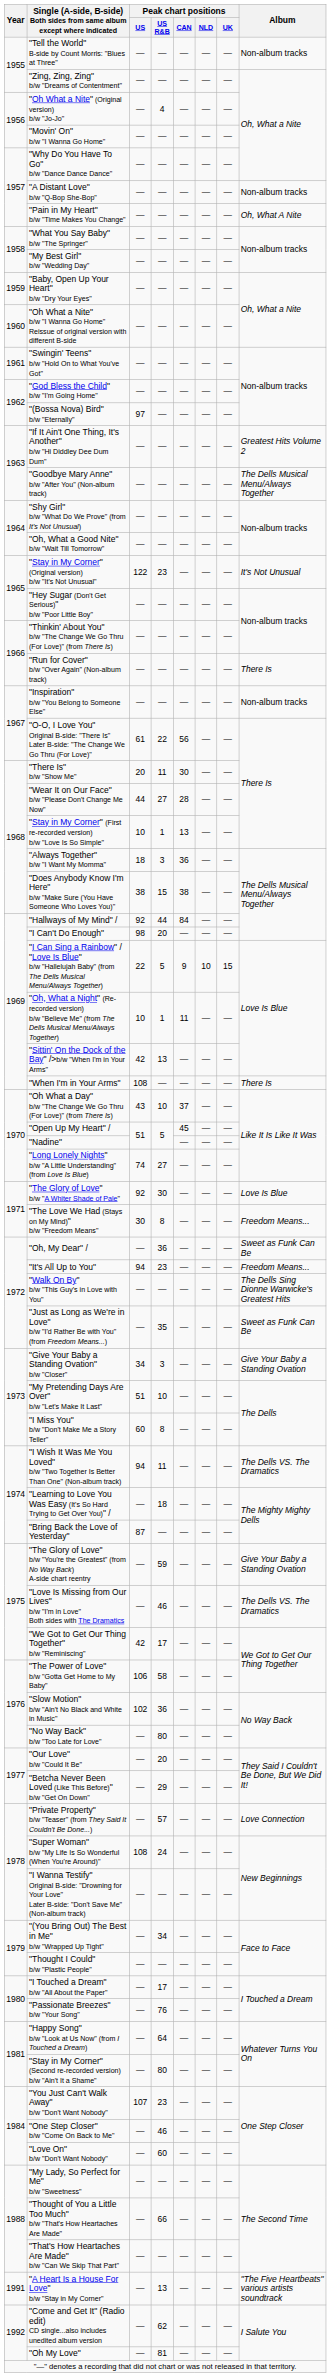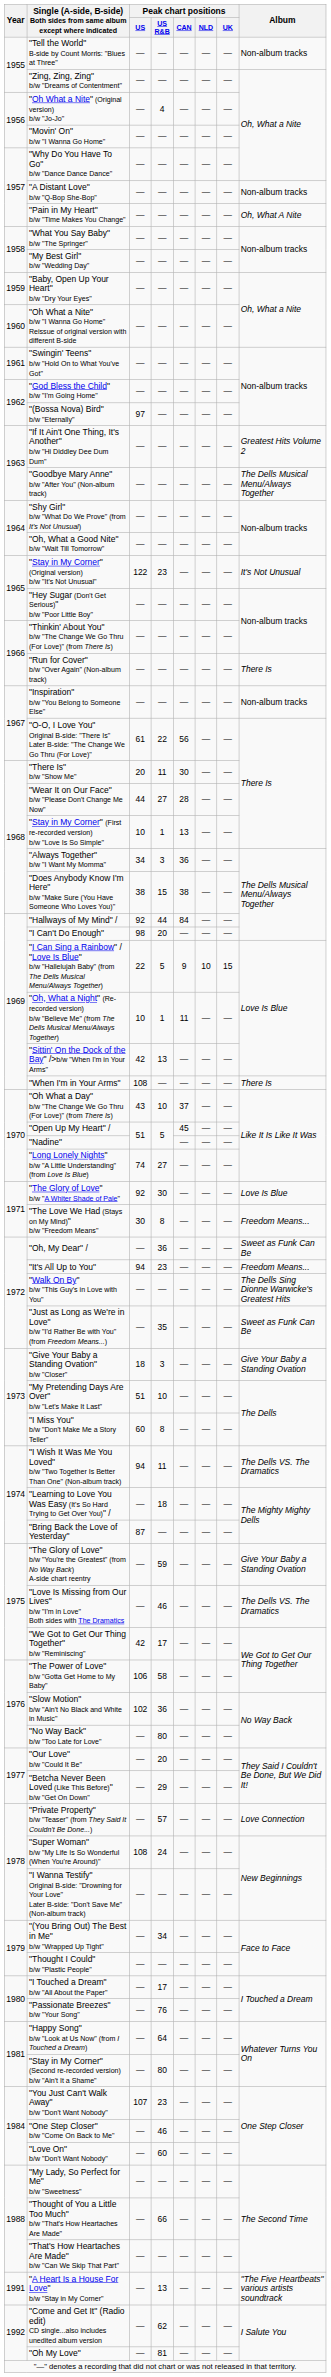 <table class="wikitable" style="text-align:center;">
 <tr>
 <th rowspan="2">Year</th>
 <th rowspan="2">Single (A-side, B-side)<br><small>Both sides from same album except where indicated</small></th>
 <th colspan="5">Peak chart positions</th>
 <th rowspan="2">Album</th>
 </tr>
 <tr style="font-size:smaller;">
 <th width="35"><a href='#'>US</a><br></th>
 <th width="35"><a href='#'>US<br>R&B</a><br></th>
 <th width="35"><a href='#'>CAN</a><br></th>
 <th width="35"><a href='#'>NLD</a><br></th>
 <th width="35"><a href='#'>UK</a><br></th>
 </tr>
 <tr>
 <td rowspan="2">1955</td>
 <td align="left">"Tell the World"<br><small>B-side by Count Morris: "Blues at Three"</small></td>
 <td>—</td>
 <td>—</td>
 <td>—</td>
 <td>—</td>
 <td>—</td>
 <td align="left">Non-album tracks</td>
 </tr>
 <tr>
 <td align="left">"Zing, Zing, Zing"<br><small>b/w "Dreams of Contentment"</small></td>
 <td>—</td>
 <td>—</td>
 <td>—</td>
 <td>—</td>
 <td>—</td>
 <td align="left" rowspan="4"><em>Oh, What a Nite</em></td>
 </tr>
 <tr>
 <td rowspan="2">1956</td>
 <td align="left">"<a href='#'>Oh What a Nite</a>"<small> (Original version)</small><br><small>b/w "Jo-Jo"</small></td>
 <td>—</td>
 <td>4</td>
 <td>—</td>
 <td>—</td>
 <td>—</td>
 </tr>
 <tr>
 <td align="left">"Movin' On"<br><small>b/w "I Wanna Go Home"</small></td>
 <td>—</td>
 <td>—</td>
 <td>—</td>
 <td>—</td>
 <td>—</td>
 </tr>
 <tr>
 <td rowspan="3">1957</td>
 <td align="left">"Why Do You Have To Go"<br><small>b/w "Dance Dance Dance"</small></td>
 <td>—</td>
 <td>—</td>
 <td>—</td>
 <td>—</td>
 <td>—</td>
 </tr>
 <tr>
 <td align="left">"A Distant Love"<br><small>b/w "Q-Bop She-Bop"</small></td>
 <td>—</td>
 <td>—</td>
 <td>—</td>
 <td>—</td>
 <td>—</td>
 <td align="left">Non-album tracks</td>
 </tr>
 <tr>
 <td align="left">"Pain in My Heart"<br><small>b/w "Time Makes You Change"</small></td>
 <td>—</td>
 <td>—</td>
 <td>—</td>
 <td>—</td>
 <td>—</td>
 <td align="left"><em>Oh, What A Nite</em></td>
 </tr>
 <tr>
 <td rowspan="2">1958</td>
 <td align="left">"What You Say Baby"<br><small>b/w "The Springer"</small></td>
 <td>—</td>
 <td>—</td>
 <td>—</td>
 <td>—</td>
 <td>—</td>
 <td align="left" rowspan="2">Non-album tracks</td>
 </tr>
 <tr>
 <td align="left">"My Best Girl"<br><small>b/w "Wedding Day"</small></td>
 <td>—</td>
 <td>—</td>
 <td>—</td>
 <td>—</td>
 <td>—</td>
 </tr>
 <tr>
 <td rowspan="1">1959</td>
 <td align="left">"Baby, Open Up Your Heart"<br><small>b/w "Dry Your Eyes" </small></td>
 <td>—</td>
 <td>—</td>
 <td>—</td>
 <td>—</td>
 <td>—</td>
 <td align="left" rowspan="2"><em>Oh, What a Nite</em></td>
 </tr>
 <tr>
 <td rowspan="1">1960</td>
 <td align="left">"Oh What a Nite"<br><small>b/w "I Wanna Go Home"<br>Reissue of original version with different B-side </small></td>
 <td>—</td>
 <td>—</td>
 <td>—</td>
 <td>—</td>
 <td>—</td>
 </tr>
 <tr>
 <td rowspan="1">1961</td>
 <td align="left">"Swingin' Teens"<br><small>b/w "Hold On to What You've Got"</small></td>
 <td>—</td>
 <td>—</td>
 <td>—</td>
 <td>—</td>
 <td>—</td>
 <td align="left" rowspan="3">Non-album tracks</td>
 </tr>
 <tr>
 <td rowspan="2">1962</td>
 <td align="left">"<a href='#'>God Bless the Child</a>"<br><small>b/w "I'm Going Home"</small></td>
 <td>—</td>
 <td>—</td>
 <td>—</td>
 <td>—</td>
 <td>—</td>
 </tr>
 <tr>
 <td align="left">"(Bossa Nova) Bird"<br><small>b/w "Eternally"</small></td>
 <td>97</td>
 <td>—</td>
 <td>—</td>
 <td>—</td>
 <td>—</td>
 </tr>
 <tr>
 <td rowspan="2">1963</td>
 <td align="left">"If It Ain't One Thing, It's Another"<br><small>b/w "Hi Diddley Dee Dum Dum"</small></td>
 <td>—</td>
 <td>—</td>
 <td>—</td>
 <td>—</td>
 <td>—</td>
 <td align="left"><em>Greatest Hits Volume 2</em></td>
 </tr>
 <tr>
 <td align="left">"Goodbye Mary Anne"<br><small>b/w "After You" (Non-album track)</small></td>
 <td>—</td>
 <td>—</td>
 <td>—</td>
 <td>—</td>
 <td>—</td>
 <td align="left"><em>The Dells Musical Menu/Always Together</em></td>
 </tr>
 <tr>
 <td rowspan="2">1964</td>
 <td align="left">"Shy Girl"<br><small>b/w "What Do We Prove" (from <em>It's Not Unusual</em>)</small></td>
 <td>—</td>
 <td>—</td>
 <td>—</td>
 <td>—</td>
 <td>—</td>
 <td align="left" rowspan="2">Non-album tracks</td>
 </tr>
 <tr>
 <td align="left">"Oh, What a Good Nite"<br><small>b/w "Wait Till Tomorrow"</small></td>
 <td>—</td>
 <td>—</td>
 <td>—</td>
 <td>—</td>
 <td>—</td>
 </tr>
 <tr>
 <td rowspan="2">1965</td>
 <td align="left">"<a href='#'>Stay in My Corner</a>"<small> (Original version)</small><br><small>b/w "It's Not Unusual"</small></td>
 <td>122</td>
 <td>23</td>
 <td>—</td>
 <td>—</td>
 <td>—</td>
 <td align="left"><em>It's Not Unusual</em></td>
 </tr>
 <tr>
 <td align="left">"Hey Sugar<small> (Don't Get Serious)</small>"<br><small>b/w "Poor Little Boy"</small></td>
 <td>—</td>
 <td>—</td>
 <td>—</td>
 <td>—</td>
 <td>—</td>
 <td align="left" rowspan="2">Non-album tracks</td>
 </tr>
 <tr>
 <td rowspan="2">1966</td>
 <td align="left">"Thinkin' About You"<br><small>b/w "The Change We Go Thru (For Love)" (from <em>There Is</em>)</small></td>
 <td>—</td>
 <td>—</td>
 <td>—</td>
 <td>—</td>
 <td>—</td>
 </tr>
 <tr>
 <td align="left">"Run for Cover"<br><small>b/w "Over Again" (Non-album track)</small></td>
 <td>—</td>
 <td>—</td>
 <td>—</td>
 <td>—</td>
 <td>—</td>
 <td align="left"><em>There Is</em></td>
 </tr>
 <tr>
 <td rowspan="2">1967</td>
 <td align="left">"Inspiration"<br><small>b/w "You Belong to Someone Else"</small></td>
 <td>—</td>
 <td>—</td>
 <td>—</td>
 <td>—</td>
 <td>—</td>
 <td align="left">Non-album tracks</td>
 </tr>
 <tr>
 <td align="left">"O-O, I Love You"<br><small>Original B-side: "There Is"<br>Later B-side: "The Change We Go Thru (For Love)"</small></td>
 <td>61</td>
 <td>22</td>
 <td>56</td>
 <td>—</td>
 <td>—</td>
 <td align="left" rowspan="4"><em>There Is</em></td>
 </tr>
 <tr>
 <td rowspan="5">1968</td>
 <td align="left">"There Is"<br><small>b/w "Show Me"</small></td>
 <td>20</td>
 <td>11</td>
 <td>30</td>
 <td>—</td>
 <td>—</td>
 </tr>
 <tr>
 <td align="left">"Wear It on Our Face"<br><small>b/w "Please Don't Change Me Now"</small></td>
 <td>44</td>
 <td>27</td>
 <td>28</td>
 <td>—</td>
 <td>—</td>
 </tr>
 <tr>
 <td align="left">"<a href='#'>Stay in My Corner</a>" <small>(First re-recorded version)</small><br><small>b/w "Love Is So Simple"</small></td>
 <td>10</td>
 <td>1</td>
 <td>13</td>
 <td>—</td>
 <td>—</td>
 </tr>
 <tr>
 <td align="left">"Always Together"<br><small>b/w "I Want My Momma"</small></td>
-<td>18</td>
+<td>34</td>
 <td>3</td>
 <td>36</td>
 <td>—</td>
 <td>—</td>
 <td align="left" rowspan="4"><em>The Dells Musical Menu/Always Together</em></td>
 </tr>
 <tr>
 <td align="left">"Does Anybody Know I'm Here"<br><small>b/w "Make Sure (You Have Someone Who Loves You)"</small></td>
 <td>38</td>
 <td>15</td>
 <td>38</td>
 <td>—</td>
 <td>—</td>
 </tr>
 <tr>
 <td rowspan="6">1969</td>
 <td align="left">"Hallways of My Mind" /</td>
 <td>92</td>
 <td>44</td>
 <td>84</td>
 <td>—</td>
 <td>—</td>
 </tr>
 <tr>
 <td align="left">"I Can't Do Enough"</td>
 <td>98</td>
 <td>20</td>
 <td>—</td>
 <td>—</td>
 <td>—</td>
 </tr>
 <tr>
 <td align="left">"<a href='#'>I Can Sing a Rainbow</a>" / "<a href='#'>Love Is Blue</a>"<br><small>b/w "Hallelujah Baby" (from <em>The Dells Musical Menu/Always Together</em>)</small></td>
 <td>22</td>
 <td>5</td>
 <td>9</td>
 <td>10</td>
 <td>15</td>
 <td align="left" rowspan="3"><em>Love Is Blue</em></td>
 </tr>
 <tr>
 <td align="left">"<a href='#'>Oh, What a Night</a>" <small>(Re-recorded version)</small><br><small>b/w "Believe Me" (from <em>The Dells Musical Menu/Always Together</em>)</small></td>
 <td>10</td>
 <td>1</td>
 <td>11</td>
 <td>—</td>
 <td>—</td>
 </tr>
 <tr>
 <td align="left">"<a href='#'>Sittin' On the Dock of the Bay</a>" /><small>b/w "When I'm in Your Arms"</small></td>
 <td>42</td>
 <td>13</td>
 <td>—</td>
 <td>—</td>
 <td>—</td>
 </tr>
 <tr>
 <td align="left">"When I'm in Your Arms"</td>
 <td>108</td>
 <td>—</td>
 <td>—</td>
 <td>—</td>
 <td>—</td>
 <td align="left"><em>There Is</em></td>
 </tr>
 <tr>
 <td rowspan="4">1970</td>
 <td align="left">"Oh What a Day"<br><small>b/w "The Change We Go Thru (For Love)" (from <em>There Is</em>)</small></td>
 <td>43</td>
 <td>10</td>
 <td>37</td>
 <td>—</td>
 <td>—</td>
 <td align="left" rowspan="4 "><em>Like It Is Like It Was</em></td>
 </tr>
 <tr>
 <td align="left">"Open Up My Heart" /</td>
 <td rowspan="2">51</td>
 <td rowspan="2">5</td>
 <td>45</td>
 <td>—</td>
 <td>—</td>
 </tr>
 <tr>
 <td align="left">"Nadine"</td>
 <td>—</td>
 <td>—</td>
 <td>—</td>
 </tr>
 <tr>
 <td align="left">"<a href='#'>Long Lonely Nights</a>"<br><small>b/w "A Little Understanding" (from <em>Love Is Blue</em>)</small></td>
 <td>74</td>
 <td>27</td>
 <td>—</td>
 <td>—</td>
 <td>—</td>
 </tr>
 <tr>
 <td rowspan="2">1971</td>
 <td align="left">"<a href='#'>The Glory of Love</a>"<br><small>b/w "<a href='#'>A Whiter Shade of Pale</a>"</small></td>
 <td>92</td>
 <td>30</td>
 <td>—</td>
 <td>—</td>
 <td>—</td>
 <td align="left"><em>Love Is Blue</em></td>
 </tr>
 <tr>
 <td align="left">"The Love We Had<small> (Stays on My Mind)</small>"<br><small>b/w "Freedom Means"</small></td>
 <td>30</td>
 <td>8</td>
 <td>—</td>
 <td>—</td>
 <td>—</td>
 <td align="left"><em>Freedom Means...</em></td>
 </tr>
 <tr>
 <td rowspan="4">1972</td>
 <td align="left">"Oh, My Dear" /</td>
 <td>—</td>
 <td>36</td>
 <td>—</td>
 <td>—</td>
 <td>—</td>
 <td align="left"><em>Sweet as Funk Can Be</em></td>
 </tr>
 <tr>
 <td align="left">"It's All Up to You"</td>
 <td>94</td>
 <td>23</td>
 <td>—</td>
 <td>—</td>
 <td>—</td>
 <td align="left"><em>Freedom Means...</em></td>
 </tr>
 <tr>
 <td align="left">"<a href='#'>Walk On By</a>"<br><small>b/w "This Guy's in Love with You"</small></td>
 <td>—</td>
 <td>—</td>
 <td>—</td>
 <td>—</td>
 <td>—</td>
 <td align="left"><em>The Dells Sing Dionne Warwicke's Greatest Hits</em></td>
 </tr>
 <tr>
 <td align="left">"Just as Long as We're in Love"<br><small>b/w "I'd Rather Be with You" (from <em>Freedom Means...</em>)</small></td>
 <td>—</td>
 <td>35</td>
 <td>—</td>
 <td>—</td>
 <td>—</td>
 <td align="left"><em>Sweet as Funk Can Be</em></td>
 </tr>
 <tr>
 <td rowspan="3">1973</td>
 <td align="left">"Give Your Baby a Standing Ovation"<br><small>b/w "Closer"</small></td>
-<td>34</td>
+<td>18</td>
 <td>3</td>
 <td>—</td>
 <td>—</td>
 <td>—</td>
 <td align="left"><em>Give Your Baby a Standing Ovation</em></td>
 </tr>
 <tr>
 <td align="left">"My Pretending Days Are Over"<br><small>b/w "Let's Make It Last"</small></td>
 <td>51</td>
 <td>10</td>
 <td>—</td>
 <td>—</td>
 <td>—</td>
 <td align="left" rowspan="2"><em>The Dells</em></td>
 </tr>
 <tr>
 <td align="left">"I Miss You"<br><small>b/w "Don't Make Me a Story Teller"</small></td>
 <td>60</td>
 <td>8</td>
 <td>—</td>
 <td>—</td>
 <td>—</td>
 </tr>
 <tr>
 <td rowspan="3">1974</td>
 <td align="left">"I Wish It Was Me You Loved"<br><small>b/w "Two Together Is Better Than One" (Non-album track)</small></td>
 <td>94</td>
 <td>11</td>
 <td>—</td>
 <td>—</td>
 <td>—</td>
 <td align="left"><em>The Dells VS. The Dramatics</em></td>
 </tr>
 <tr>
 <td align="left">"Learning to Love You Was Easy<small> (It's So Hard Trying to Get Over You)</small>" /</td>
 <td>—</td>
 <td>18</td>
 <td>—</td>
 <td>—</td>
 <td>—</td>
 <td align="left" rowspan="2"><em>The Mighty Mighty Dells</em></td>
 </tr>
 <tr>
 <td align="left">"Bring Back the Love of Yesterday"</td>
 <td>87</td>
 <td>—</td>
 <td>—</td>
 <td>—</td>
 <td>—</td>
 </tr>
 <tr>
 <td rowspan="3">1975</td>
 <td align="left">"The Glory of Love"<br><small>b/w "You're the Greatest" (from <em>No Way Back</em>)<br>A-side chart reentry</small></td>
 <td>—</td>
 <td>59</td>
 <td>—</td>
 <td>—</td>
 <td>—</td>
 <td align="left"><em>Give Your Baby a Standing Ovation</em></td>
 </tr>
 <tr>
 <td align="left">"Love Is Missing from Our Lives"<br><small>b/w "I'm in Love"<br>Both sides with <a href='#'>The Dramatics</a></small></td>
 <td>—</td>
 <td>46</td>
 <td>—</td>
 <td>—</td>
 <td>—</td>
 <td align="left"><em>The Dells VS. The Dramatics</em></td>
 </tr>
 <tr>
 <td align="left">"We Got to Get Our Thing Together"<br><small>b/w "Reminiscing"</small></td>
 <td>42</td>
 <td>17</td>
 <td>—</td>
 <td>—</td>
 <td>—</td>
 <td align="left" rowspan="2"><em>We Got to Get Our Thing Together</em></td>
 </tr>
 <tr>
 <td rowspan="3">1976</td>
 <td align="left">"The Power of Love"<br><small>b/w "Gotta Get Home to My Baby"</small></td>
 <td>106</td>
 <td>58</td>
 <td>—</td>
 <td>—</td>
 <td>—</td>
 </tr>
 <tr>
 <td align="left">"Slow Motion"<br><small>b/w "Ain't No Black and White in Music"</small></td>
 <td>102</td>
 <td>36</td>
 <td>—</td>
 <td>—</td>
 <td>—</td>
 <td align="left" rowspan="2"><em>No Way Back</em></td>
 </tr>
 <tr>
 <td align="left">"No Way Back"<br><small>b/w "Too Late for Love"</small></td>
 <td>—</td>
 <td>80</td>
 <td>—</td>
 <td>—</td>
 <td>—</td>
 </tr>
 <tr>
 <td rowspan="2">1977</td>
 <td align="left">"Our Love"<br><small>b/w "Could It Be"</small></td>
 <td>—</td>
 <td>20</td>
 <td>—</td>
 <td>—</td>
 <td>—</td>
 <td align="left" rowspan="2"><em>They Said I Couldn't Be Done, But We Did It!</em></td>
 </tr>
 <tr>
 <td align="left">"Betcha Never Been Loved<small> (Like This Before)</small>"<br><small>b/w "Get On Down"</small></td>
 <td>—</td>
 <td>29</td>
 <td>—</td>
 <td>—</td>
 <td>—</td>
 </tr>
 <tr>
 <td rowspan="3">1978</td>
 <td align="left">"Private Property"<br><small>b/w "Teaser" (from <em>They Said It Couldn't Be Done...</em>)</small></td>
 <td>—</td>
 <td>57</td>
 <td>—</td>
 <td>—</td>
 <td>—</td>
 <td align="left"><em>Love Connection</em></td>
 </tr>
 <tr>
 <td align="left">"Super Woman"<br><small>b/w "My Life Is So Wonderful (When You're Around)"</small></td>
 <td>108</td>
 <td>24</td>
 <td>—</td>
 <td>—</td>
 <td>—</td>
 <td align="left" rowspan="2"><em>New Beginnings</em></td>
 </tr>
 <tr>
 <td align="left">"I Wanna Testify"<br><small>Original B-side: "Drowning for Your Love"<br>Later B-side: "Don't Save Me" (Non-album track)</small></td>
 <td>—</td>
 <td>—</td>
 <td>—</td>
 <td>—</td>
 <td>—</td>
 </tr>
 <tr>
 <td rowspan="2">1979</td>
 <td align="left">"(You Bring Out) The Best in Me"<br><small>b/w "Wrapped Up Tight"</small></td>
 <td>—</td>
 <td>34</td>
 <td>—</td>
 <td>—</td>
 <td>—</td>
 <td align="left" rowspan="2"><em>Face to Face</em></td>
 </tr>
 <tr>
 <td align="left">"Thought I Could"<br><small>b/w "Plastic People"</small></td>
 <td>—</td>
 <td>—</td>
 <td>—</td>
 <td>—</td>
 <td>—</td>
 </tr>
 <tr>
 <td rowspan="2">1980</td>
 <td align="left">"I Touched a Dream"<br><small>b/w "All About the Paper"</small></td>
 <td>—</td>
 <td>17</td>
 <td>—</td>
 <td>—</td>
 <td>—</td>
 <td align="left" rowspan="2"><em>I Touched a Dream</em></td>
 </tr>
 <tr>
 <td align="left">"Passionate Breezes"<br><small>b/w "Your Song"</small></td>
 <td>—</td>
 <td>76</td>
 <td>—</td>
 <td>—</td>
 <td>—</td>
 </tr>
 <tr>
 <td rowspan="2">1981</td>
 <td align="left">"Happy Song"<br><small>b/w "Look at Us Now" (from <em>I Touched a Dream</em>)</small></td>
 <td>—</td>
 <td>64</td>
 <td>—</td>
 <td>—</td>
 <td>—</td>
 <td align="left" rowspan="2"><em>Whatever Turns You On</em></td>
 </tr>
 <tr>
 <td align="left">"Stay in My Corner" <small>(Second re-recorded version)</small><br><small>b/w "Ain't It a Shame"</small></td>
 <td>—</td>
 <td>80</td>
 <td>—</td>
 <td>—</td>
 <td>—</td>
 </tr>
 <tr>
 <td rowspan="3">1984</td>
 <td align="left">"You Just Can't Walk Away"<br><small>b/w "Don't Want Nobody"</small></td>
 <td>107</td>
 <td>23</td>
 <td>—</td>
 <td>—</td>
 <td>—</td>
 <td align="left" rowspan="3"><em>One Step Closer</em></td>
 </tr>
 <tr>
 <td align="left">"One Step Closer"<br><small>b/w "Come On Back to Me"</small></td>
 <td>—</td>
 <td>46</td>
 <td>—</td>
 <td>—</td>
 <td>—</td>
 </tr>
 <tr>
 <td align="left">"Love On"<br><small>b/w "Don't Want Nobody"</small></td>
 <td>—</td>
 <td>60</td>
 <td>—</td>
 <td>—</td>
 <td>—</td>
 </tr>
 <tr>
 <td rowspan="3">1988</td>
 <td align="left">"My Lady, So Perfect for Me"<br><small>b/w "Sweetness"</small></td>
 <td>—</td>
 <td>—</td>
 <td>—</td>
 <td>—</td>
 <td>—</td>
 <td align="left" rowspan="3"><em>The Second Time</em></td>
 </tr>
 <tr>
 <td align="left">"Thought of You a Little Too Much"<br><small>b/w "That's How Heartaches Are Made"</small></td>
 <td>—</td>
 <td>66</td>
 <td>—</td>
 <td>—</td>
 <td>—</td>
 </tr>
 <tr>
 <td align="left">"That's How Heartaches Are Made"<br><small>b/w "Can We Skip That Part"</small></td>
 <td>—</td>
 <td>—</td>
 <td>—</td>
 <td>—</td>
 <td>—</td>
 </tr>
 <tr>
 <td>1991</td>
 <td align="left">"<a href='#'>A Heart Is a House For Love</a>"<br><small>b/w "Stay in My Corner"</small></td>
 <td>—</td>
 <td>13</td>
 <td>—</td>
 <td>—</td>
 <td>—</td>
 <td align="left"><em>"The Five Heartbeats" various artists soundtrack</em></td>
 </tr>
 <tr>
 <td rowspan="2">1992</td>
 <td align="left">"Come and Get It" (Radio edit)<br><small>CD single...also includes unedited album version</small></td>
 <td>—</td>
 <td>62</td>
 <td>—</td>
 <td>—</td>
 <td>—</td>
 <td align="left" rowspan="2"><em>I Salute You</em></td>
 </tr>
 <tr>
 <td align="left">"Oh My Love"</td>
 <td>—</td>
 <td>81</td>
 <td>—</td>
 <td>—</td>
 <td>—</td>
 </tr>
 <tr>
 <td colspan="15" style="font-size:90%">"—" denotes a recording that did not chart or was not released in that territory.</td>
 </tr>
 </table>
